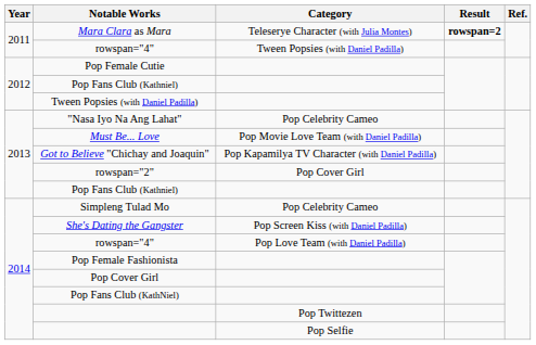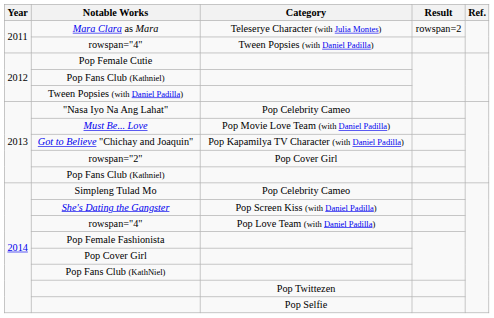 <table class="wikitable sortable"  style="text-align:center; width:60%;">
 <tr>
 <th>Year</th>
 <th>Notable Works</th>
 <th>Category</th>
 <th>Result</th>
 <th>Ref.</th>
 </tr>
 <tr>
 <td rowspan="2">2011</td>
 <td><a href='#'><em>Mara Clara</em></a> as <em>Mara</em></td>
 <td>Teleserye Character <small>(with <a href='#'>Julia Montes</a>)</small></td>
-<td><strong>rowspan=2 </strong></td>
+<td>rowspan=2 </td>
 <td rowspan="2"></td>
 </tr>
 <tr>
 <td>rowspan="4" </td>
 <td>Tween Popsies <small>(with <a href='#'>Daniel Padilla</a>)</small></td>
 </tr>
 <tr>
 <td rowspan="3">2012</td>
 <td>Pop Female Cutie</td>
 <td></td>
 <td rowspan="3"></td>
 </tr>
 <tr>
 <td>Pop Fans Club <small>(Kathniel)</small></td>
 <td></td>
 </tr>
 <tr>
 <td>Tween Popsies <small>(with <a href='#'>Daniel Padilla</a>)</small></td>
 <td></td>
 </tr>
 <tr>
 <td rowspan="5">2013</td>
 <td>"Nasa Iyo Na Ang Lahat"</td>
 <td>Pop Celebrity Cameo</td>
 <td></td>
 <td rowspan="5"></td>
 </tr>
 <tr>
 <td><em><a href='#'>Must Be... Love</a></em></td>
 <td>Pop Movie Love Team <small>(with <a href='#'>Daniel Padilla</a>)</small></td>
 <td></td>
 </tr>
 <tr>
 <td><em><a href='#'>Got to Believe</a></em> "Chichay and Joaquin"</td>
 <td>Pop Kapamilya TV Character <small>(with <a href='#'>Daniel Padilla</a>)</small></td>
 <td></td>
 </tr>
 <tr>
 <td>rowspan="2" </td>
 <td>Pop Cover Girl</td>
 <td></td>
 </tr>
 <tr>
 <td>Pop Fans Club <small>(Kathniel)</small></td>
 <td></td>
 </tr>
 <tr>
 <td rowspan=8><a href='#'>2014</a></td>
 <td>Simpleng Tulad Mo</td>
 <td>Pop Celebrity Cameo</td>
 <td></td>
 <td rowspan=8></td>
 </tr>
 <tr>
 <td><em><a href='#'>She's Dating the Gangster</a></em></td>
 <td>Pop Screen Kiss <small>(with <a href='#'>Daniel Padilla</a>)</small></td>
 <td></td>
 </tr>
 <tr>
 <td>rowspan="4" </td>
 <td>Pop Love Team <small>(with <a href='#'>Daniel Padilla</a>)</small></td>
 <td></td>
 </tr>
 <tr>
 <td>Pop Female Fashionista</td>
 <td></td>
 </tr>
 <tr>
 <td>Pop Cover Girl</td>
 <td></td>
 </tr>
 <tr>
 <td>Pop Fans Club <small>(KathNiel)</small></td>
 <td></td>
 </tr>
 <tr>
 <td><em></em></td>
 <td>Pop Twittezen</td>
 <td></td>
 </tr>
 <tr>
 <td></td>
 <td>Pop Selfie</td>
 <td></td>
 </tr>
 </table>
